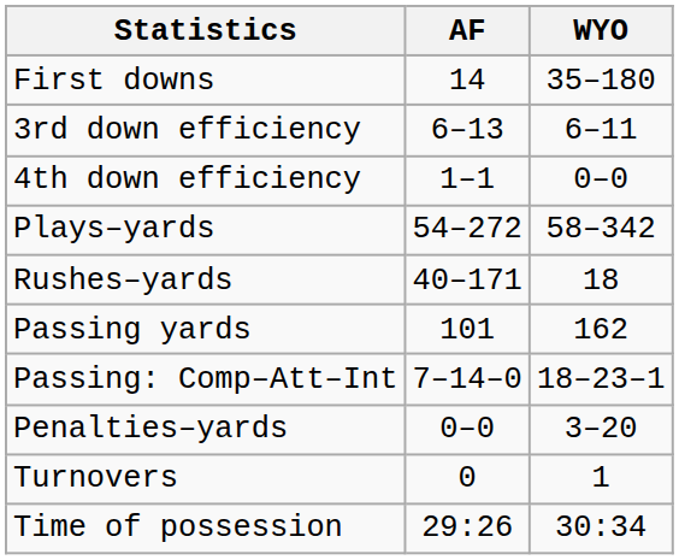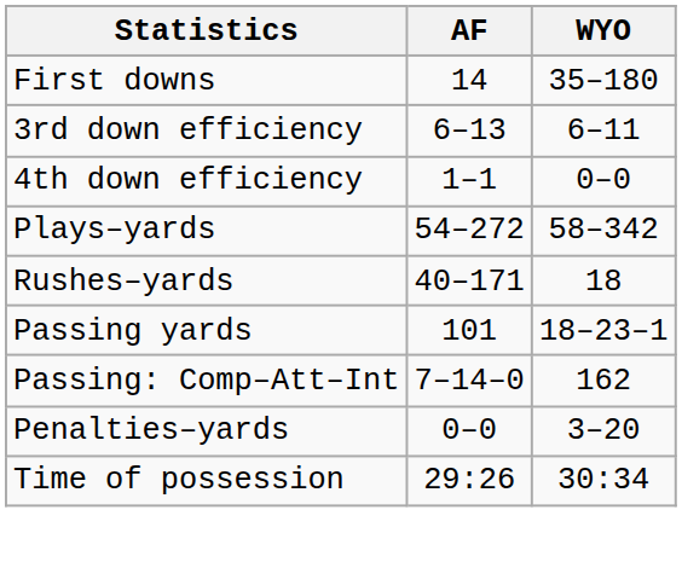 <table class="wikitable">
 <tr>
 <th>Statistics</th>
 <th>AF</th>
 <th>WYO</th>
 </tr>
 <tr>
 <td>First downs</td>
 <td align=center>14</td>
 <td align=center>35–180</td>
 </tr>
 <tr>
 <td>3rd down efficiency</td>
 <td align=center>6–13</td>
 <td align=center>6–11</td>
 </tr>
 <tr>
 <td>4th down efficiency</td>
 <td align=center>1–1</td>
 <td align=center>0–0</td>
 </tr>
 <tr>
 <td>Plays–yards</td>
 <td align=center>54–272</td>
 <td align=center>58–342</td>
 </tr>
 <tr>
 <td>Rushes–yards</td>
 <td align=center>40–171</td>
 <td align=center>18</td>
 </tr>
 <tr>
 <td>Passing yards</td>
 <td align=center>101</td>
-<td align=center>162</td>
+<td align=center>18–23–1</td>
 </tr>
 <tr>
 <td>Passing: Comp–Att–Int</td>
 <td align=center>7–14–0</td>
-<td align=center>18–23–1</td>
+<td align=center>162</td>
 </tr>
 <tr>
 <td>Penalties–yards</td>
 <td align=center>0–0</td>
 <td align=center>3–20</td>
 </tr>
 <tr>
-<td>Turnovers</td>
-<td align=center>0</td>
-<td align=center>1</td>
-</tr>
-<tr>
 <td>Time of possession</td>
 <td align=center>29:26</td>
 <td align=center>30:34</td>
 </tr>
 </table>
